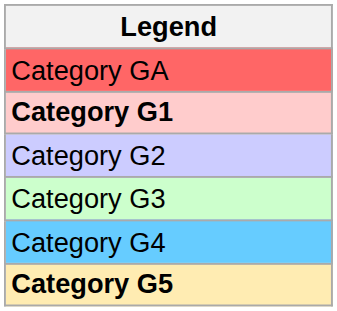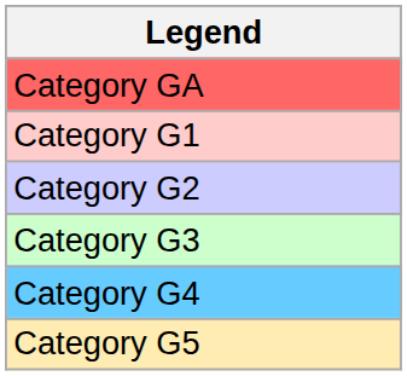 <table class="wikitable" style="font-size:90%;" width=11%>
 <tr>
 <th>Legend</th>
 </tr>
 <tr bgcolor=#FF6666>
 <td>Category GA</td>
 </tr>
 <tr bgcolor=#ffcccc>
-<td><strong>Category G1</strong></td>
+<td>Category G1</td>
 </tr>
 <tr bgcolor=#ccccff>
 <td>Category G2</td>
 </tr>
 <tr bgcolor=#CCFFCC>
 <td>Category G3</td>
 </tr>
 <tr bgcolor=#66CCFF>
 <td>Category G4</td>
 </tr>
 <tr bgcolor=#ffecb2>
-<td><strong>Category G5</strong></td>
+<td>Category G5</td>
 </tr>
 </table>
